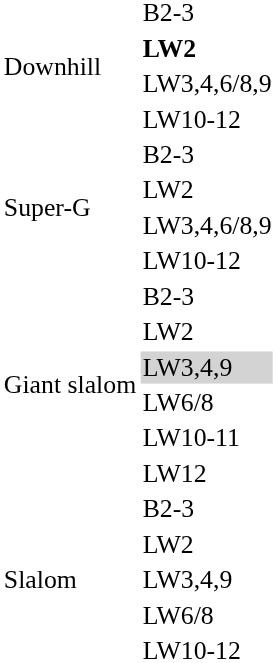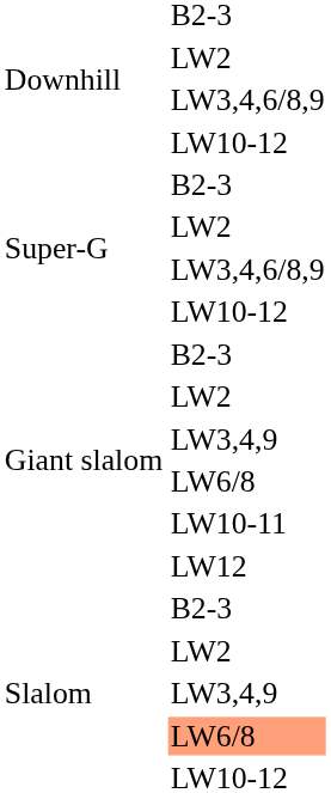 <table>
 <tr>
 <td rowspan="4">Downhill <br></td>
 <td>B2-3</td>
 <td></td>
 <td></td>
 <td></td>
 </tr>
 <tr>
-<td><strong>LW2</strong></td>
+<td>LW2</td>
 <td></td>
 <td></td>
 <td></td>
 </tr>
 <tr>
 <td>LW3,4,6/8,9</td>
 <td></td>
 <td></td>
 <td></td>
 </tr>
 <tr>
 <td>LW10-12</td>
 <td></td>
 <td></td>
 <td></td>
 </tr>
 <tr>
 <td rowspan="4">Super-G <br> </td>
 <td>B2-3</td>
 <td></td>
 <td></td>
 <td></td>
 </tr>
 <tr>
 <td>LW2</td>
 <td></td>
 <td></td>
 <td></td>
 </tr>
 <tr>
 <td>LW3,4,6/8,9</td>
 <td></td>
 <td></td>
 <td></td>
 </tr>
 <tr>
 <td>LW10-12</td>
 <td></td>
 <td></td>
 <td></td>
 </tr>
 <tr>
 <td rowspan="6">Giant slalom <br> </td>
 <td>B2-3<br></td>
 <td></td>
 <td></td>
 <td></td>
 </tr>
 <tr>
 <td>LW2</td>
 <td></td>
 <td></td>
 <td></td>
 </tr>
 <tr>
-<td style="background: lightgrey;">LW3,4,9</td>
+<td>LW3,4,9</td>
 <td></td>
 <td></td>
 <td></td>
 </tr>
 <tr>
 <td>LW6/8</td>
 <td></td>
 <td></td>
 <td></td>
 </tr>
 <tr>
 <td>LW10-11</td>
 <td></td>
 <td></td>
 <td></td>
 </tr>
 <tr>
 <td>LW12</td>
 <td></td>
 <td></td>
 <td></td>
 </tr>
 <tr>
 <td rowspan="5">Slalom <br> </td>
 <td>B2-3</td>
 <td></td>
 <td></td>
 <td></td>
 </tr>
 <tr>
 <td>LW2</td>
 <td></td>
 <td></td>
 <td></td>
 </tr>
 <tr>
 <td>LW3,4,9</td>
 <td></td>
 <td></td>
 <td></td>
 </tr>
 <tr>
-<td>LW6/8</td>
+<td style="background: lightsalmon;">LW6/8</td>
 <td></td>
 <td></td>
 <td></td>
 </tr>
 <tr>
 <td>LW10-12</td>
 <td></td>
 <td></td>
 <td></td>
 </tr>
 </table>
